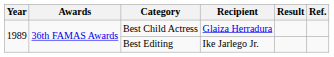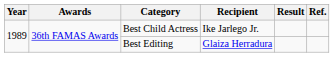 <table class="wikitable">
 <tr>
 <th>Year</th>
 <th>Awards</th>
 <th>Category</th>
 <th>Recipient</th>
 <th>Result</th>
 <th>Ref.</th>
 </tr>
 <tr>
 <td rowspan="2">1989</td>
 <td rowspan="2"><a href='#'>36th FAMAS Awards</a></td>
 <td>Best Child Actress</td>
-<td><a href='#'>Glaiza Herradura</a></td>
+<td>Ike Jarlego Jr.</td>
 <td></td>
 <td></td>
 </tr>
 <tr>
 <td>Best Editing</td>
-<td>Ike Jarlego Jr.</td>
+<td><a href='#'>Glaiza Herradura</a></td>
 <td></td>
 <td></td>
 </tr>
 </table>
